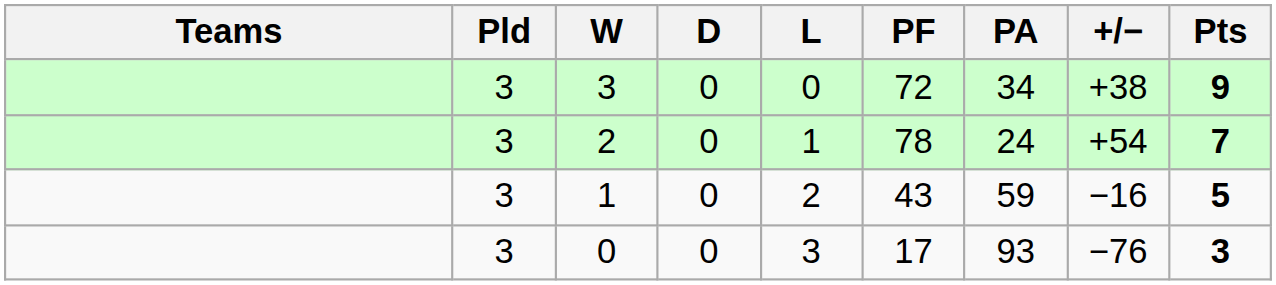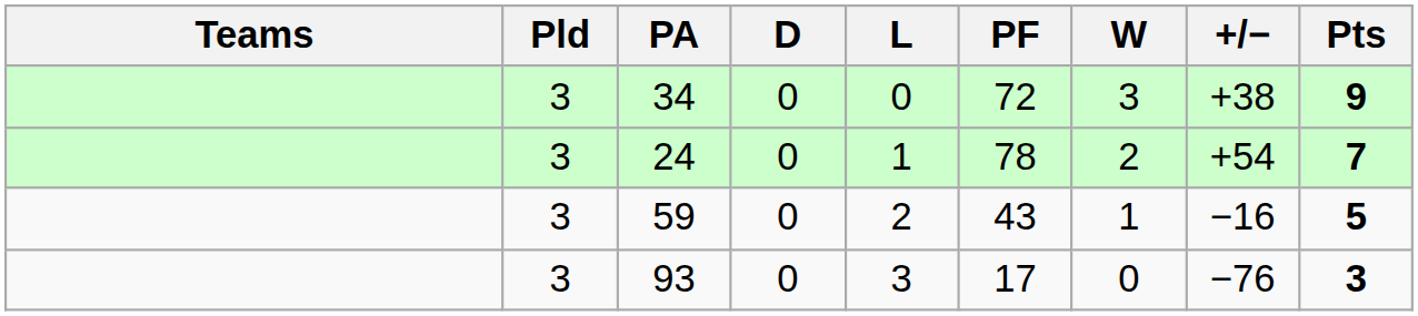 <table class="wikitable" style="text-align: center;">
 <tr>
 <th width="200">Teams</th>
 <th width="40">Pld</th>
-<th width="40">W</th>
+<th width="40">PA</th>
 <th width="40">D</th>
 <th width="40">L</th>
 <th width="40">PF</th>
-<th width="40">PA</th>
+<th width="40">W</th>
 <th width="40">+/−</th>
 <th width="40">Pts</th>
 </tr>
 <tr bgcolor=ccffcc>
 <td align=left></td>
 <td>3</td>
-<td>3</td>
+<td>34</td>
 <td>0</td>
 <td>0</td>
 <td>72</td>
-<td>34</td>
+<td>3</td>
 <td>+38</td>
 <td><strong>9</strong></td>
 </tr>
 <tr bgcolor=ccffcc>
 <td align=left></td>
 <td>3</td>
-<td>2</td>
+<td>24</td>
 <td>0</td>
 <td>1</td>
 <td>78</td>
-<td>24</td>
+<td>2</td>
 <td>+54</td>
 <td><strong>7</strong></td>
 </tr>
 <tr>
 <td align=left></td>
 <td>3</td>
-<td>1</td>
+<td>59</td>
 <td>0</td>
 <td>2</td>
 <td>43</td>
-<td>59</td>
+<td>1</td>
 <td>−16</td>
 <td><strong>5</strong></td>
 </tr>
 <tr>
 <td align=left></td>
 <td>3</td>
-<td>0</td>
+<td>93</td>
 <td>0</td>
 <td>3</td>
 <td>17</td>
-<td>93</td>
+<td>0</td>
 <td>−76</td>
 <td><strong>3</strong></td>
 </tr>
 </table>
